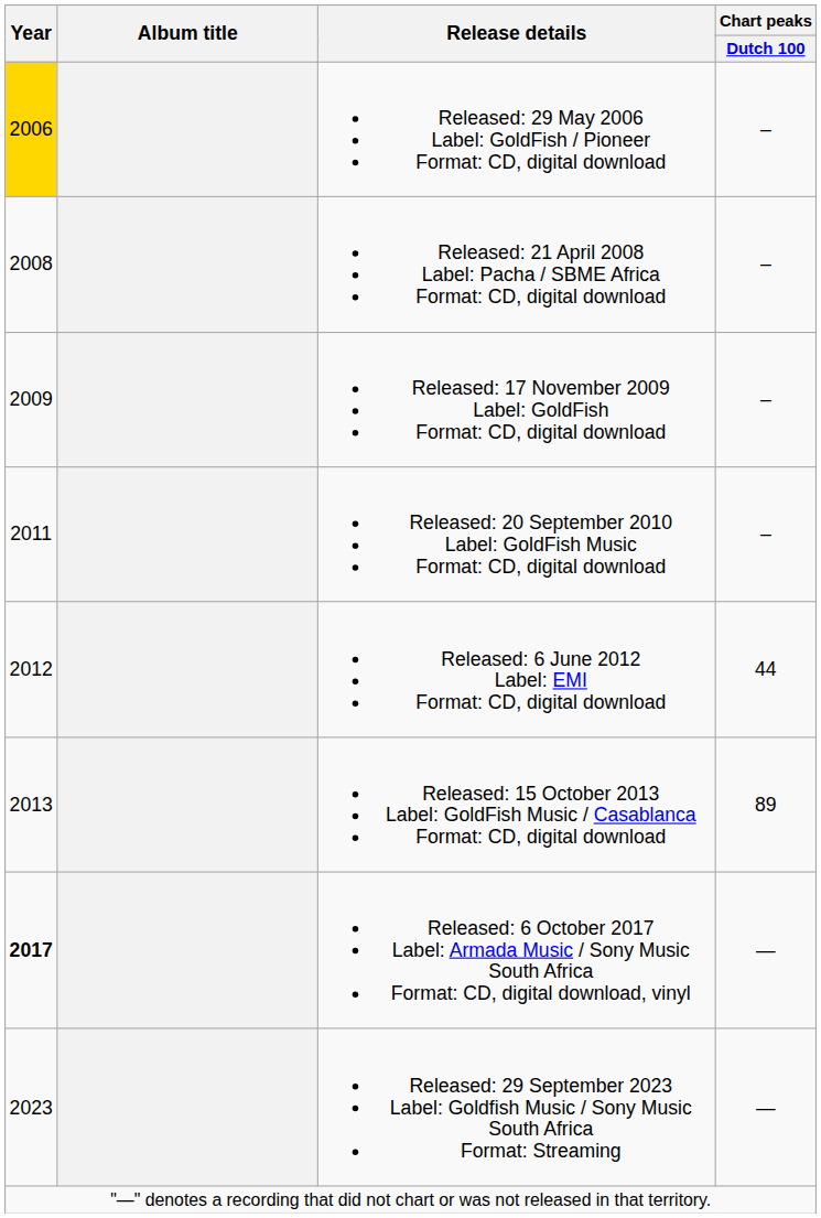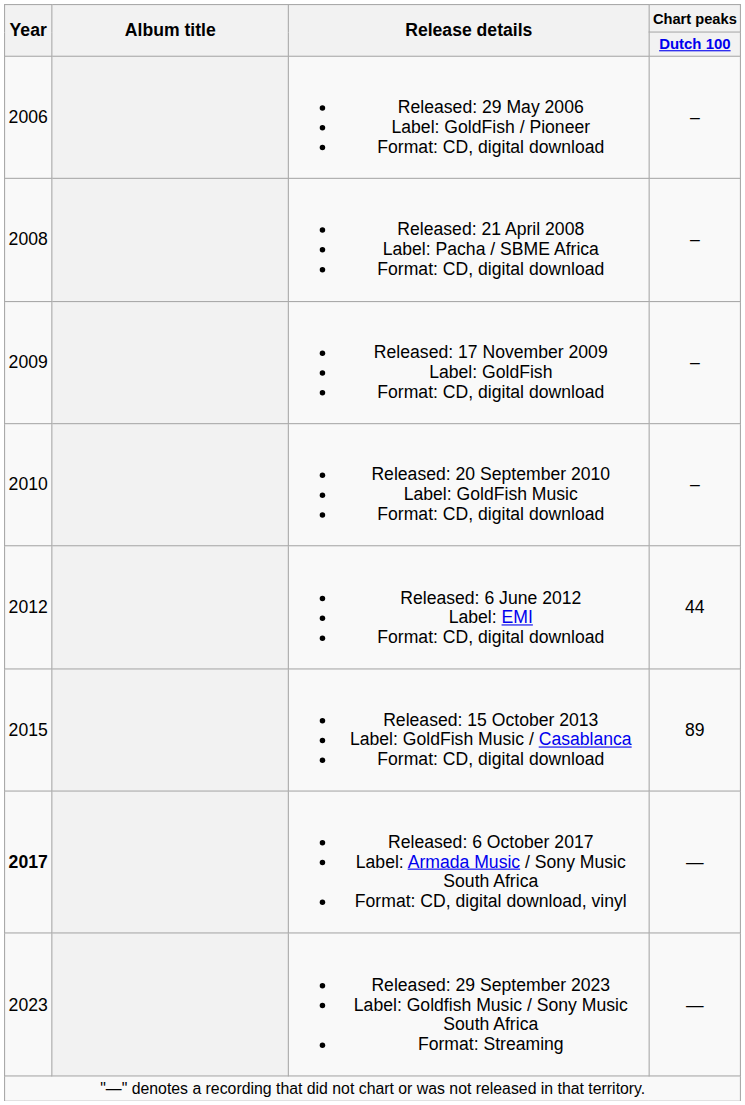 <table class="wikitable plainrowheaders" style="text-align:center;">
 <tr>
 <th rowspan="2;">Year</th>
 <th scope="col" rowspan="2" style="width:13em;">Album title</th>
 <th scope="col" rowspan="2" style="width:20em;">Release details</th>
 <th scope="col" colspan="3"><small>Chart peaks</small></th>
 </tr>
 <tr>
 <th style="font-size:85%;"><a href='#'>Dutch 100</a></th>
 </tr>
 <tr>
-<td style="background: gold;">2006</td>
+<td>2006</td>
 <th></th>
 <td><br><ul><li>Released: 29 May 2006</li><li>Label: GoldFish / Pioneer</li><li>Format: CD, digital download</li></ul></td>
 <td>–</td>
 </tr>
 <tr>
 <td>2008</td>
 <th></th>
 <td><br><ul><li>Released: 21 April 2008</li><li>Label: Pacha / SBME Africa</li><li>Format: CD, digital download</li></ul></td>
 <td>–</td>
 </tr>
 <tr>
 <td>2009</td>
 <th></th>
 <td><br><ul><li>Released: 17 November 2009</li><li>Label: GoldFish</li><li>Format: CD, digital download</li></ul></td>
 <td>–</td>
 </tr>
 <tr>
-<td>2011</td>
+<td>2010</td>
 <th></th>
 <td><br><ul><li>Released: 20 September 2010</li><li>Label: GoldFish Music</li><li>Format: CD, digital download</li></ul></td>
 <td>–</td>
 </tr>
 <tr>
 <td>2012</td>
 <th></th>
 <td><br><ul><li>Released: 6 June 2012</li><li>Label: <a href='#'>EMI</a></li><li>Format: CD, digital download</li></ul></td>
 <td>44</td>
 </tr>
 <tr>
-<td>2013</td>
+<td>2015</td>
 <th></th>
 <td><br><ul><li>Released: 15 October 2013</li><li>Label: GoldFish Music / <a href='#'>Casablanca</a></li><li>Format: CD, digital download</li></ul></td>
 <td>89</td>
 </tr>
 <tr>
 <td><strong>2017</strong></td>
 <th></th>
 <td><br><ul><li>Released: 6 October 2017</li><li>Label: <a href='#'>Armada Music</a> / Sony Music South Africa</li><li>Format: CD, digital download, vinyl</li></ul></td>
 <td>—</td>
 </tr>
 <tr>
 <td>2023</td>
 <th></th>
 <td><br><ul><li>Released: 29 September 2023</li><li>Label: Goldfish Music / Sony Music South Africa</li><li>Format: Streaming</li></ul></td>
 <td>—</td>
 </tr>
 <tr>
 <td colspan="4" style="font-size:90%">"—" denotes a recording that did not chart or was not released in that territory.</td>
 </tr>
 </table>
